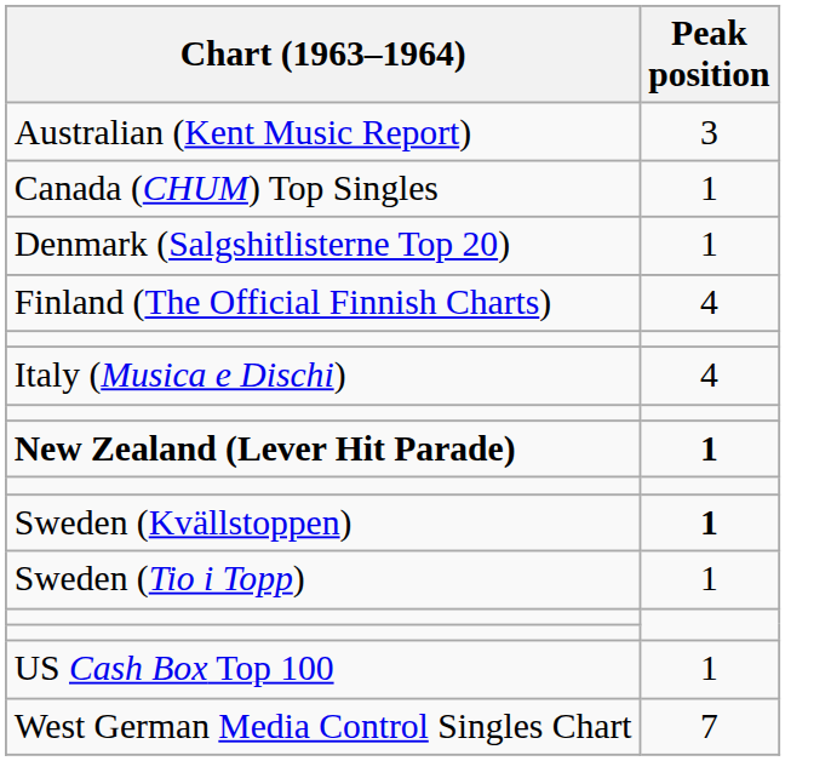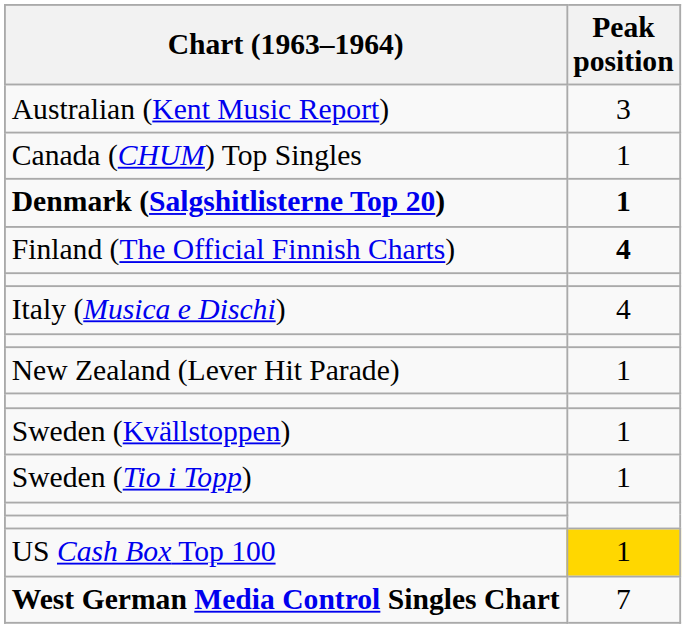 <table class="wikitable plainrowheaders sortable">
 <tr>
 <th>Chart (1963–1964)</th>
 <th>Peak<br>position</th>
 </tr>
 <tr>
 <td>Australian (<a href='#'>Kent Music Report</a>)</td>
 <td style="text-align:center;">3</td>
 </tr>
 <tr>
 <td>Canada (<a href='#'><em>CHUM</em></a>) Top Singles </td>
 <td style="text-align:center;">1</td>
 </tr>
 <tr>
-<td>Denmark (<a href='#'>Salgshitlisterne Top 20</a>)</td>
-<td style="text-align:center;">1</td>
+<td><strong>Denmark (<a href='#'>Salgshitlisterne Top 20</a>)</strong></td>
+<td style="text-align:center;"><strong>1</strong></td>
 </tr>
 <tr>
 <td>Finland (<a href='#'>The Official Finnish Charts</a>)</td>
-<td style="text-align:center;">4</td>
+<td style="text-align:center;"><strong>4</strong></td>
 </tr>
 <tr>
 <td></td>
 </tr>
 <tr>
 <td>Italy (<em><a href='#'>Musica e Dischi</a></em>)</td>
 <td align=center>4</td>
 </tr>
 <tr>
 <td></td>
 </tr>
 <tr>
-<td><strong>New Zealand (Lever Hit Parade)</strong></td>
-<td style="text-align:center;"><strong>1</strong></td>
+<td>New Zealand (Lever Hit Parade)</td>
+<td style="text-align:center;">1</td>
 </tr>
 <tr>
 <td></td>
 </tr>
 <tr>
 <td>Sweden (<a href='#'>Kvällstoppen</a>)</td>
-<td style="text-align:center;"><strong>1</strong></td>
+<td style="text-align:center;">1</td>
 </tr>
 <tr>
 <td>Sweden (<em><a href='#'>Tio i Topp</a></em>)</td>
 <td style="text-align:center;">1</td>
 </tr>
 <tr>
 <td></td>
 </tr>
 <tr>
 <td></td>
 </tr>
 <tr>
 <td>US <a href='#'><em>Cash Box</em> Top 100</a></td>
-<td style="text-align:center;">1</td>
+<td style="background: gold; text-align:center;">1</td>
 </tr>
 <tr>
-<td>West German <a href='#'>Media Control</a> Singles Chart</td>
+<td><strong>West German <a href='#'>Media Control</a> Singles Chart</strong></td>
 <td style="text-align:center;">7</td>
 </tr>
 </table>
